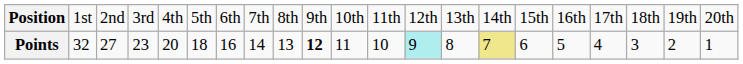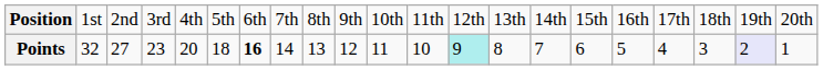 <table class="wikitable" border="1" style="font-size: 85%">
 <tr>
 <th>Position</th>
 <td>1st</td>
 <td>2nd</td>
 <td>3rd</td>
 <td>4th</td>
 <td>5th</td>
 <td>6th</td>
 <td>7th</td>
 <td>8th</td>
 <td>9th</td>
 <td>10th</td>
 <td>11th</td>
 <td>12th</td>
 <td>13th</td>
 <td>14th</td>
 <td>15th</td>
 <td>16th</td>
 <td>17th</td>
 <td>18th</td>
 <td>19th</td>
 <td>20th</td>
 </tr>
 <tr>
 <th>Points</th>
 <td>32</td>
 <td>27</td>
 <td>23</td>
 <td>20</td>
 <td>18</td>
-<td>16</td>
+<td><strong>16</strong></td>
 <td>14</td>
 <td>13</td>
-<td><strong>12</strong></td>
+<td>12</td>
 <td>11</td>
 <td>10</td>
 <td style="background: paleturquoise;">9</td>
 <td>8</td>
-<td style="background: khaki;">7</td>
+<td>7</td>
 <td>6</td>
 <td>5</td>
 <td>4</td>
 <td>3</td>
-<td>2</td>
+<td style="background: lavender;">2</td>
 <td>1</td>
 </tr>
 </table>
